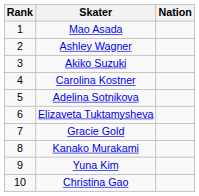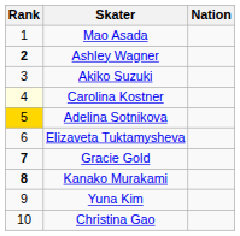 <table class="wikitable sortable" style="text-align: center;">
 <tr>
 <th rowspan="2">Rank</th>
 <th rowspan="2">Skater</th>
 <th rowspan="2">Nation</th>
 </tr>
 <tr>
 </tr>
 <tr>
 <td>1</td>
 <td "style="text-align:" left;"><a href='#'>Mao Asada</a></td>
 <td></td>
 </tr>
 <tr>
-<td>2</td>
+<td><strong>2</strong></td>
 <td "style="text-align:" left;"><a href='#'>Ashley Wagner</a></td>
 <td></td>
 </tr>
 <tr>
 <td>3</td>
 <td "style="text-align:" left;"><a href='#'>Akiko Suzuki</a></td>
 <td></td>
 </tr>
 <tr>
-<td>4</td>
+<td style="background: lightyellow;">4</td>
 <td "style="text-align:" left;"><a href='#'>Carolina Kostner</a></td>
 <td></td>
 </tr>
 <tr>
-<td>5</td>
+<td style="background: gold;">5</td>
 <td "style="text-align:" left;"><a href='#'>Adelina Sotnikova</a></td>
 <td></td>
 </tr>
 <tr>
 <td>6</td>
 <td "style="text-align:" left;"><a href='#'>Elizaveta Tuktamysheva</a></td>
 <td></td>
 </tr>
 <tr>
-<td>7</td>
+<td><strong>7</strong></td>
 <td "style="text-align:" left;"><a href='#'>Gracie Gold</a></td>
 <td></td>
 </tr>
 <tr>
-<td>8</td>
+<td><strong>8</strong></td>
 <td "style="text-align:" left;"><a href='#'>Kanako Murakami</a></td>
 <td></td>
 </tr>
 <tr>
 <td>9</td>
 <td "style="text-align:" left;"><a href='#'>Yuna Kim</a></td>
 <td></td>
 </tr>
 <tr>
 <td>10</td>
 <td "style="text-align:" left;"><a href='#'>Christina Gao</a></td>
 <td></td>
 </tr>
 </table>
